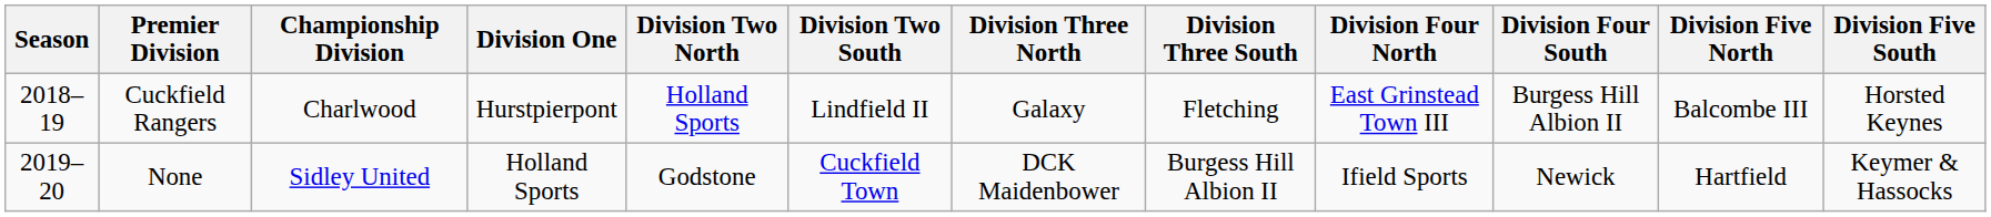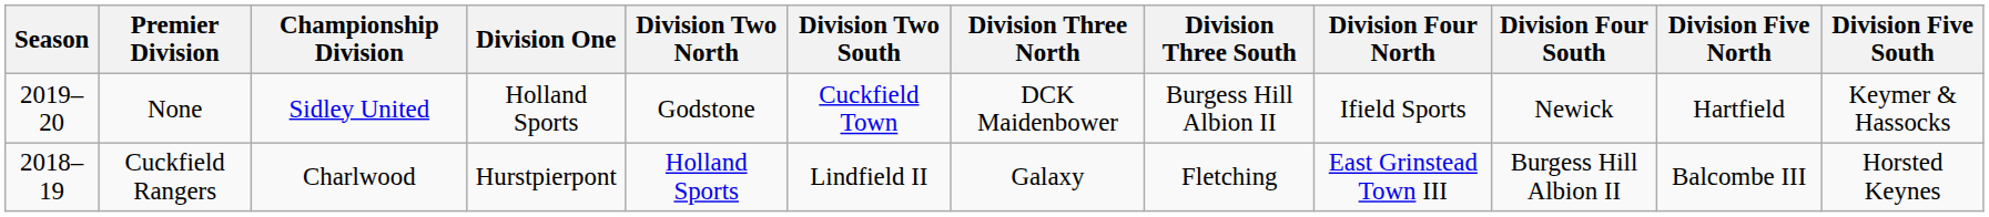 <table class="wikitable" style="text-align: center">
 <tr>
 <th>Season</th>
 <th>Premier Division</th>
 <th>Championship Division</th>
 <th>Division One</th>
 <th>Division Two North</th>
 <th>Division Two South</th>
 <th>Division Three North</th>
 <th>Division Three South</th>
 <th>Division Four North</th>
 <th>Division Four South</th>
 <th>Division Five North</th>
 <th>Division Five South</th>
 </tr>
 <tr>
+<td>2019–20</td>
+<td>None</td>
+<td><a href='#'>Sidley United</a></td>
+<td>Holland Sports</td>
+<td>Godstone</td>
+<td><a href='#'>Cuckfield Town</a></td>
+<td>DCK Maidenbower</td>
+<td>Burgess Hill Albion II</td>
+<td>Ifield Sports</td>
+<td>Newick</td>
+<td>Hartfield</td>
+<td>Keymer & Hassocks</td>
+</tr>
+<tr>
 <td>2018–19</td>
 <td>Cuckfield Rangers</td>
 <td>Charlwood</td>
 <td>Hurstpierpont</td>
 <td><a href='#'>Holland Sports</a></td>
 <td>Lindfield II</td>
 <td>Galaxy</td>
 <td>Fletching</td>
 <td><a href='#'>East Grinstead Town</a> III</td>
 <td>Burgess Hill Albion II</td>
 <td>Balcombe III</td>
 <td>Horsted Keynes</td>
 </tr>
-<tr>
-<td>2019–20</td>
-<td>None</td>
-<td><a href='#'>Sidley United</a></td>
-<td>Holland Sports</td>
-<td>Godstone</td>
-<td><a href='#'>Cuckfield Town</a></td>
-<td>DCK Maidenbower</td>
-<td>Burgess Hill Albion II</td>
-<td>Ifield Sports</td>
-<td>Newick</td>
-<td>Hartfield</td>
-<td>Keymer & Hassocks</td>
-</tr>
 </table>
